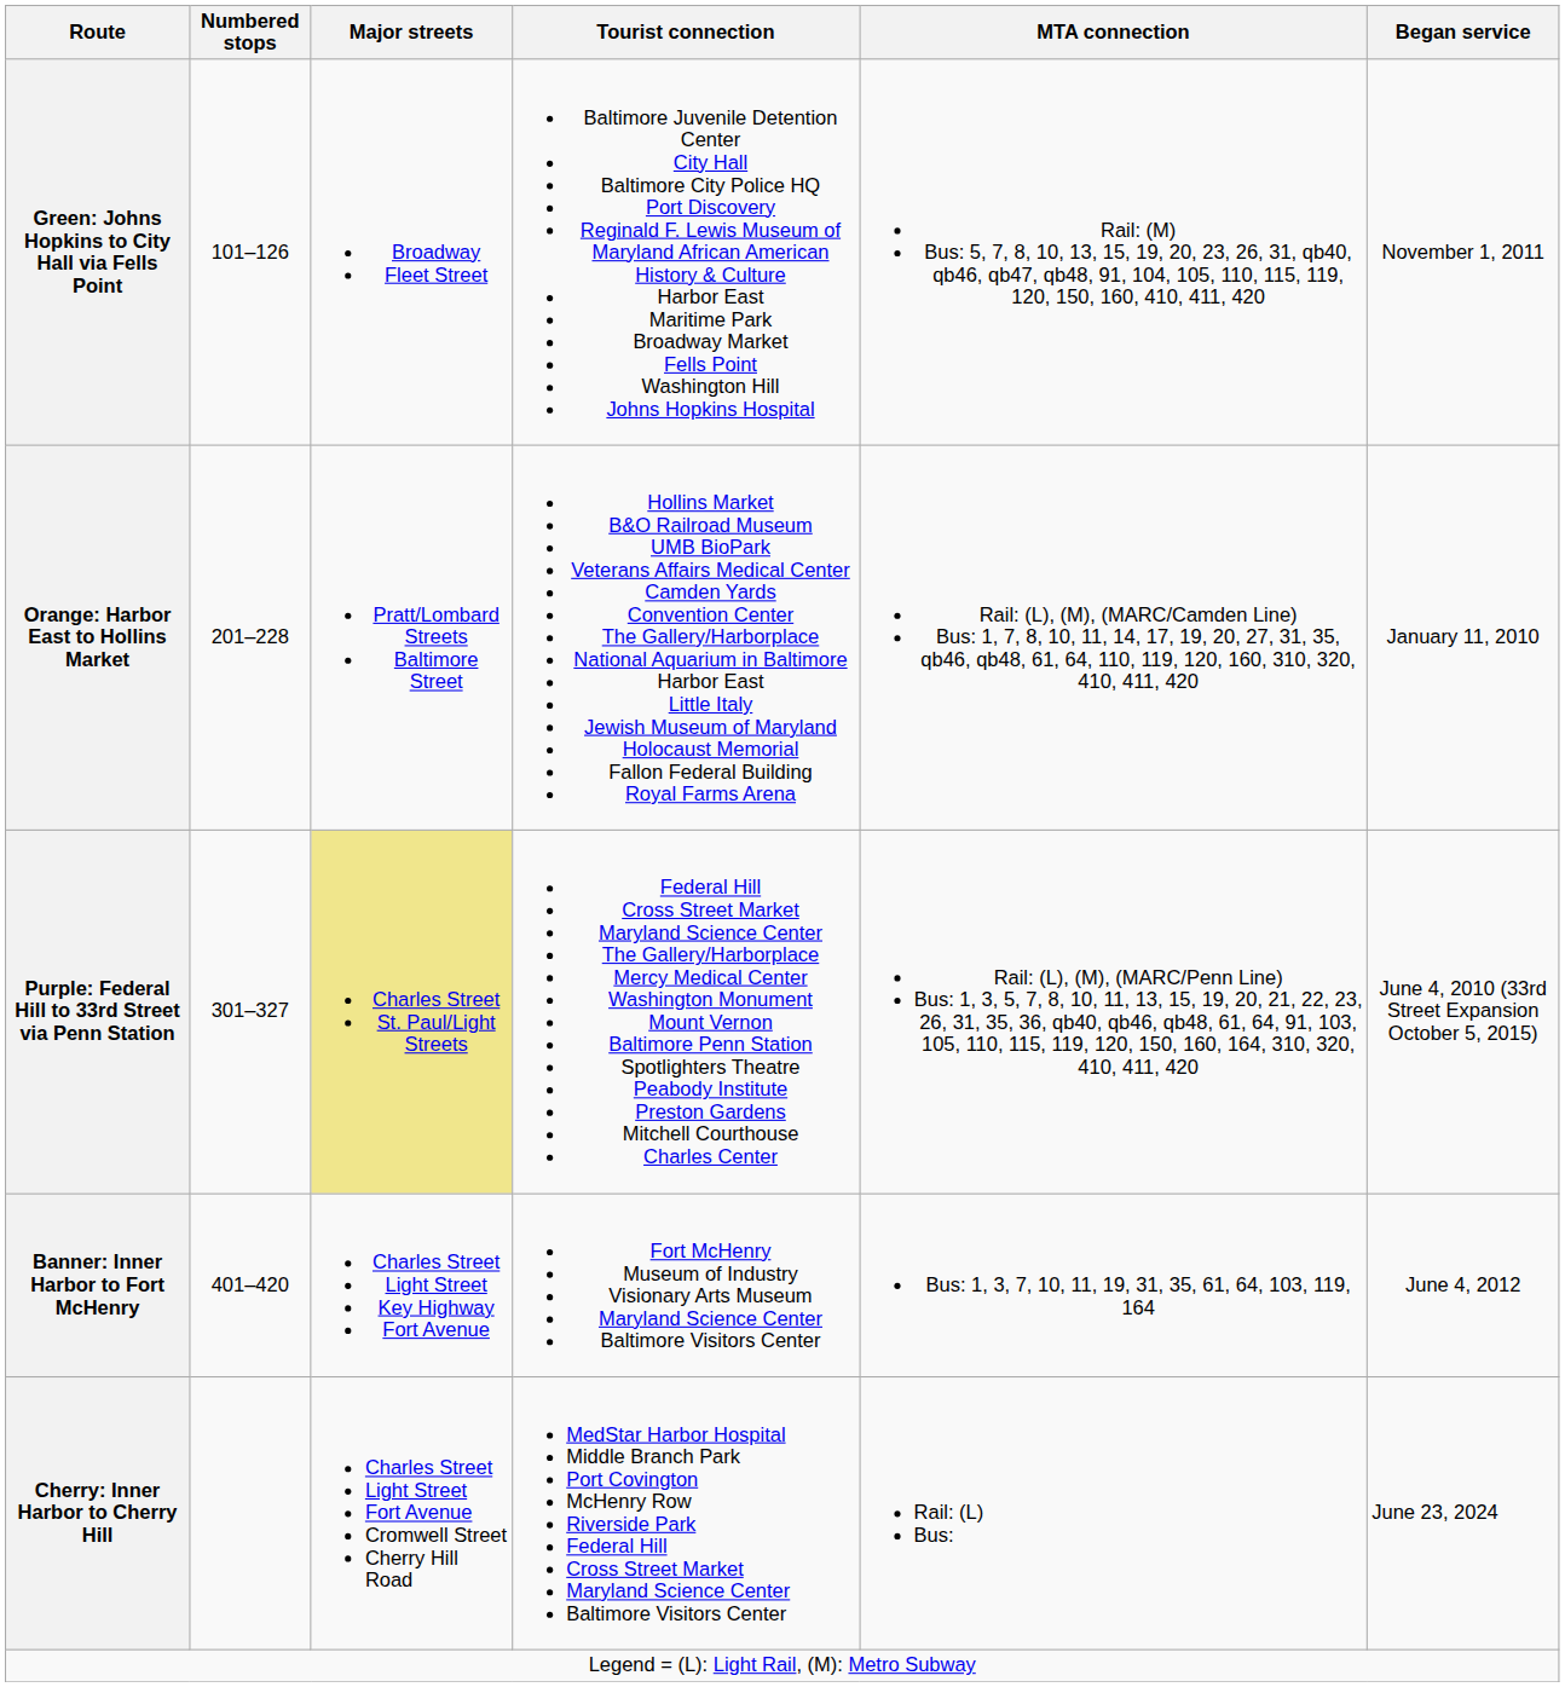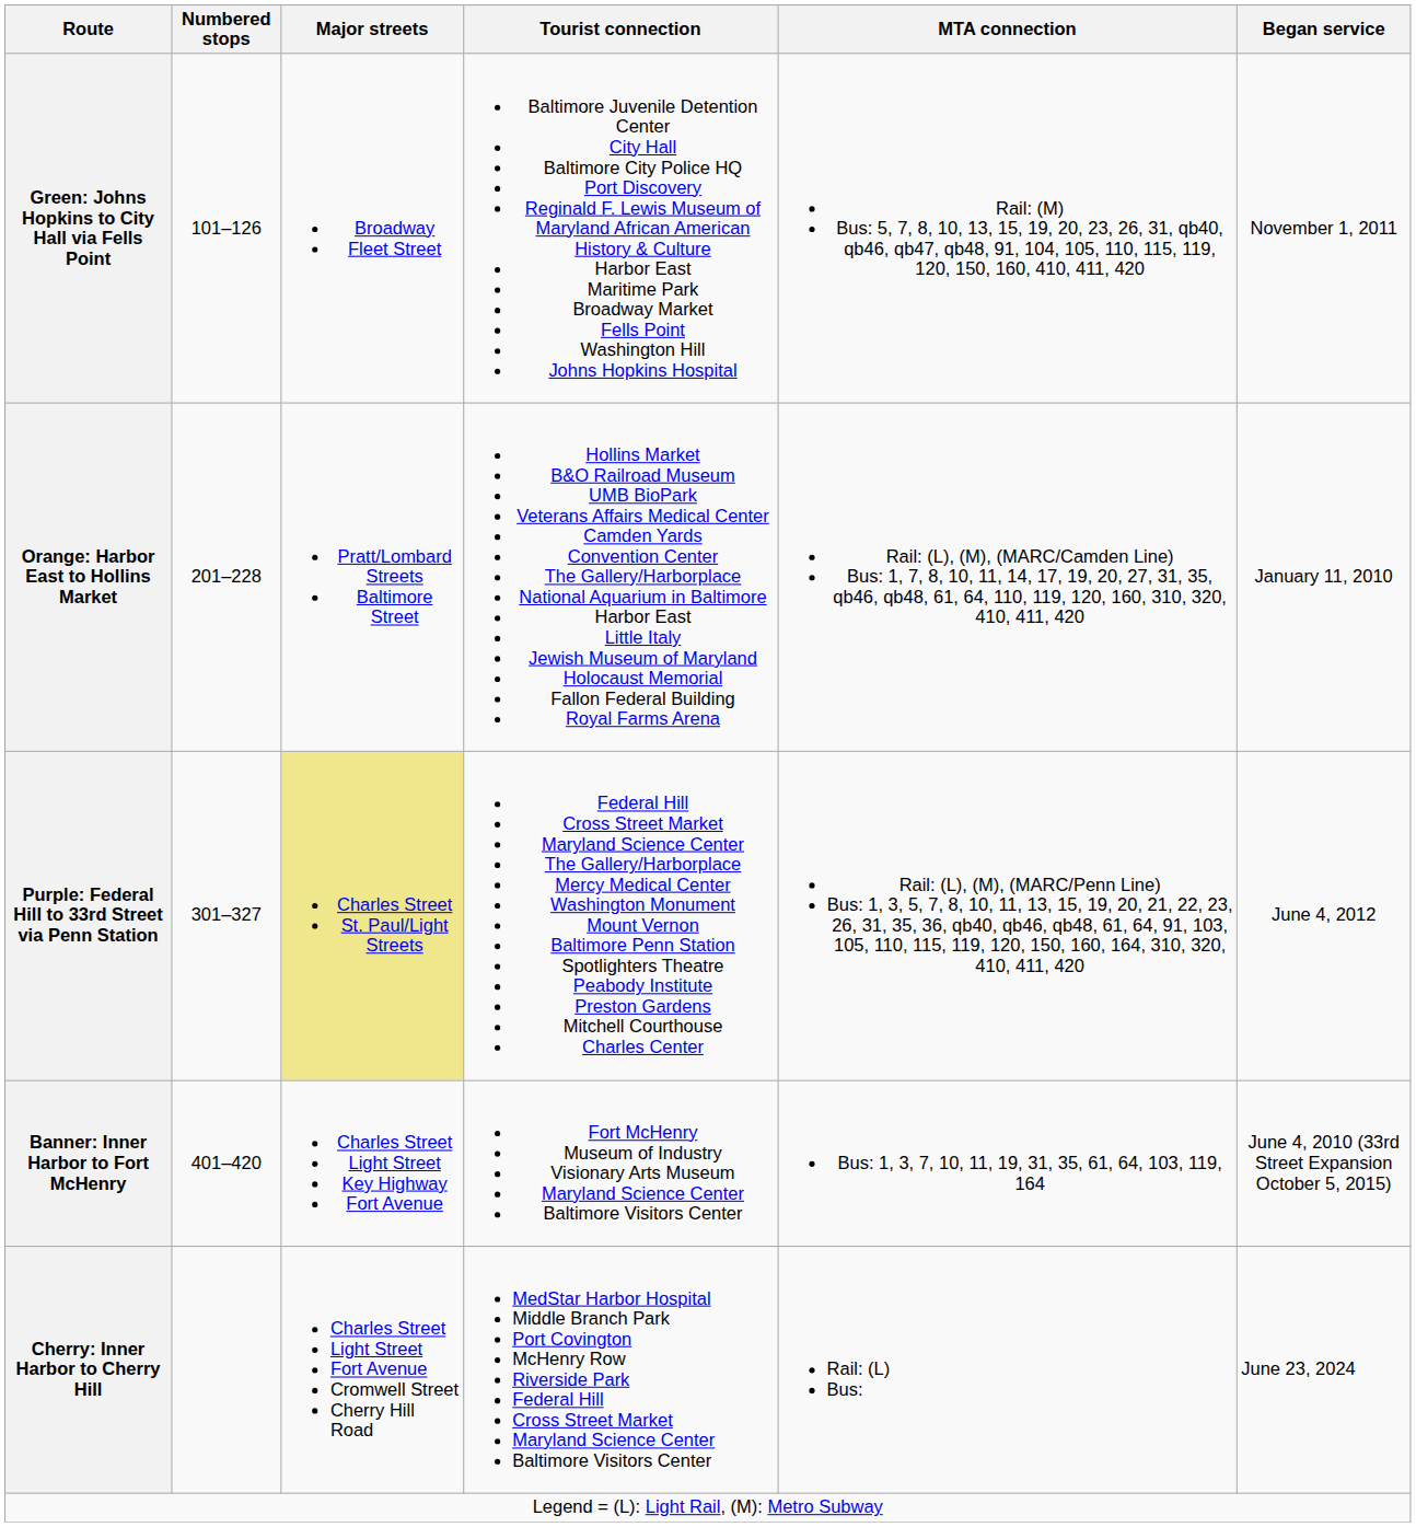 <table class= "wikitable">
 <tr align="center">
 <th scope="col">Route</th>
 <th scope="col">Numbered stops</th>
 <th scope="col">Major streets</th>
 <th scope="col">Tourist connection</th>
 <th scope="col">MTA connection</th>
 <th scope="col">Began service</th>
 </tr>
 <tr align="center">
 <th scope="row">Green: Johns Hopkins to City Hall via Fells Point</th>
 <td>101–126</td>
 <td><br><ul><li><a href='#'>Broadway</a></li><li><a href='#'>Fleet Street</a></li></ul></td>
 <td><br><ul><li>Baltimore Juvenile Detention Center</li><li><a href='#'>City Hall</a></li><li>Baltimore City Police HQ</li><li><a href='#'>Port Discovery</a></li><li><a href='#'>Reginald F. Lewis Museum of Maryland African American History & Culture</a></li><li>Harbor East</li><li>Maritime Park</li><li>Broadway Market</li><li><a href='#'>Fells Point</a></li><li>Washington Hill</li><li><a href='#'>Johns Hopkins Hospital</a></li></ul></td>
 <td><br><ul><li>Rail: (M)</li><li>Bus: 5, 7, 8, 10, 13, 15, 19, 20, 23, 26, 31, qb40, qb46, qb47, qb48, 91, 104, 105, 110, 115, 119, 120, 150, 160, 410, 411, 420</li></ul></td>
 <td>November 1, 2011</td>
 </tr>
 <tr align="center">
 <th scope="row">Orange: Harbor East to Hollins Market</th>
 <td>201–228</td>
 <td><br><ul><li><a href='#'>Pratt/Lombard Streets</a></li><li><a href='#'>Baltimore Street</a></li></ul></td>
 <td><br><ul><li><a href='#'>Hollins Market</a></li><li><a href='#'>B&O Railroad Museum</a></li><li><a href='#'>UMB BioPark</a></li><li><a href='#'>Veterans Affairs Medical Center</a></li><li><a href='#'>Camden Yards</a></li><li><a href='#'>Convention Center</a></li><li><a href='#'>The Gallery/Harborplace</a></li><li><a href='#'>National Aquarium in Baltimore</a></li><li>Harbor East</li><li><a href='#'>Little Italy</a></li><li><a href='#'>Jewish Museum of Maryland</a></li><li><a href='#'>Holocaust Memorial</a></li><li>Fallon Federal Building</li><li><a href='#'>Royal Farms Arena</a></li></ul></td>
 <td><br><ul><li>Rail: (L), (M), (MARC/Camden Line)</li><li>Bus: 1, 7, 8, 10, 11, 14, 17, 19, 20, 27, 31, 35, qb46, qb48, 61, 64, 110, 119, 120, 160, 310, 320, 410, 411, 420</li></ul></td>
 <td>January 11, 2010</td>
 </tr>
 <tr align="center">
 <th scope="row">Purple: Federal Hill to 33rd Street via Penn Station</th>
 <td>301–327</td>
 <td style="background: khaki;"><br><ul><li><a href='#'>Charles Street</a></li><li><a href='#'>St. Paul/Light Streets</a></li></ul></td>
 <td><br><ul><li><a href='#'>Federal Hill</a></li><li><a href='#'>Cross Street Market</a></li><li><a href='#'>Maryland Science Center</a></li><li><a href='#'>The Gallery/Harborplace</a></li><li><a href='#'>Mercy Medical Center</a></li><li><a href='#'>Washington Monument</a></li><li><a href='#'>Mount Vernon</a></li><li><a href='#'>Baltimore Penn Station</a></li><li>Spotlighters Theatre</li><li><a href='#'>Peabody Institute</a></li><li><a href='#'>Preston Gardens</a></li><li>Mitchell Courthouse</li><li><a href='#'>Charles Center</a></li></ul></td>
 <td><br><ul><li>Rail: (L), (M), (MARC/Penn Line)</li><li>Bus: 1, 3, 5, 7, 8, 10, 11, 13, 15, 19, 20, 21, 22, 23, 26, 31, 35, 36, qb40, qb46, qb48, 61, 64, 91, 103, 105, 110, 115, 119, 120, 150, 160, 164, 310, 320, 410, 411, 420</li></ul></td>
-<td>June 4, 2010 (33rd Street Expansion October 5, 2015)</td>
+<td>June 4, 2012</td>
 </tr>
 <tr align="center">
 <th scope="row">Banner: Inner Harbor to Fort McHenry</th>
 <td>401–420</td>
 <td><br><ul><li><a href='#'>Charles Street</a></li><li><a href='#'>Light Street</a></li><li><a href='#'>Key Highway</a></li><li><a href='#'>Fort Avenue</a></li></ul></td>
 <td><br><ul><li><a href='#'>Fort McHenry</a></li><li>Museum of Industry</li><li>Visionary Arts Museum</li><li><a href='#'>Maryland Science Center</a></li><li>Baltimore Visitors Center</li></ul></td>
 <td><br><ul><li>Bus: 1, 3, 7, 10, 11, 19, 31, 35, 61, 64, 103, 119, 164</li></ul></td>
-<td>June 4, 2012</td>
+<td>June 4, 2010 (33rd Street Expansion October 5, 2015)</td>
 </tr>
 <tr>
 <th>Cherry: Inner Harbor to Cherry Hill</th>
 <td></td>
 <td><br><ul><li><a href='#'>Charles Street</a></li><li><a href='#'>Light Street</a></li><li><a href='#'>Fort Avenue</a></li><li>Cromwell Street</li><li>Cherry Hill Road</li></ul></td>
 <td><br><ul><li><a href='#'>MedStar Harbor Hospital</a></li><li>Middle Branch Park</li><li><a href='#'>Port Covington</a></li><li>McHenry Row</li><li><a href='#'>Riverside Park</a></li><li><a href='#'>Federal Hill</a></li><li><a href='#'>Cross Street Market</a></li><li><a href='#'>Maryland Science Center</a></li><li>Baltimore Visitors Center</li></ul></td>
 <td><br><ul><li>Rail: (L)</li><li>Bus:</li></ul></td>
 <td>June 23, 2024</td>
 </tr>
 <tr align="center">
 <td colspan=6 align=center>Legend = (L): <a href='#'>Light Rail</a>, (M): <a href='#'>Metro Subway</a></td>
 </tr>
 </table>
